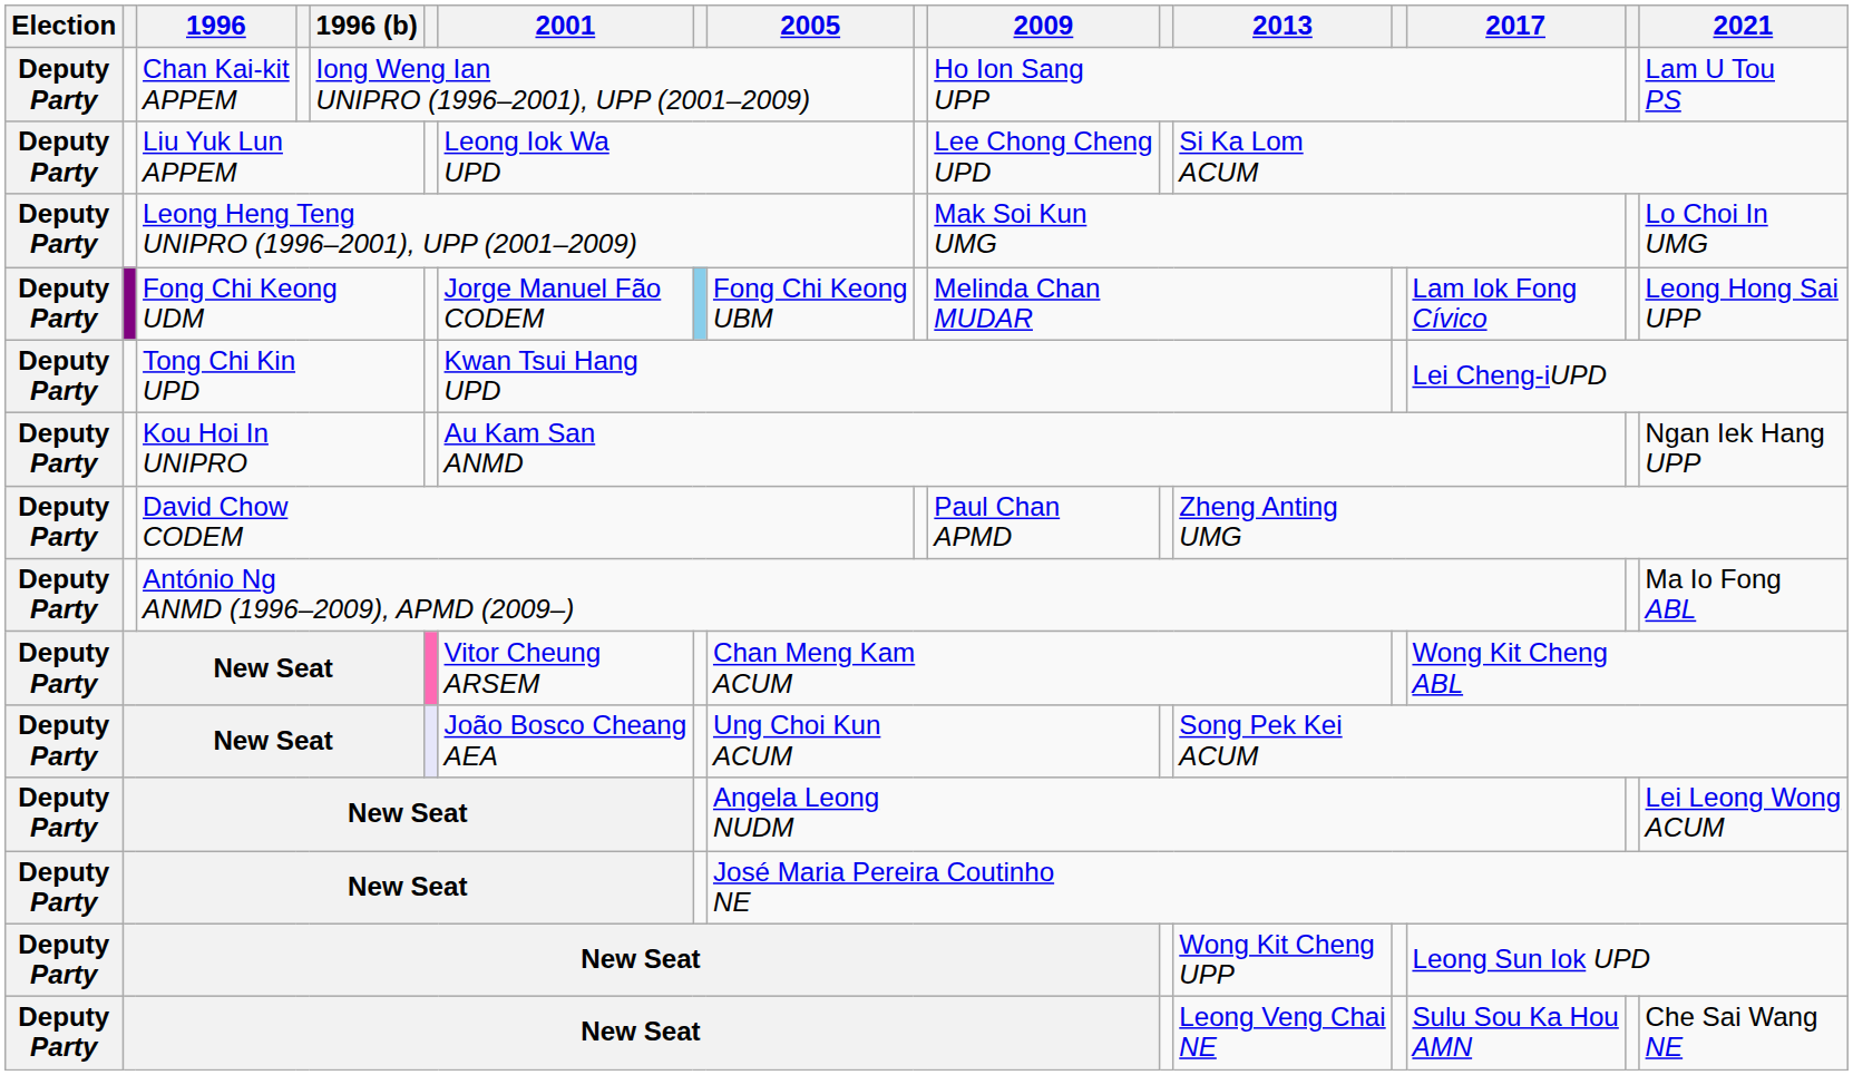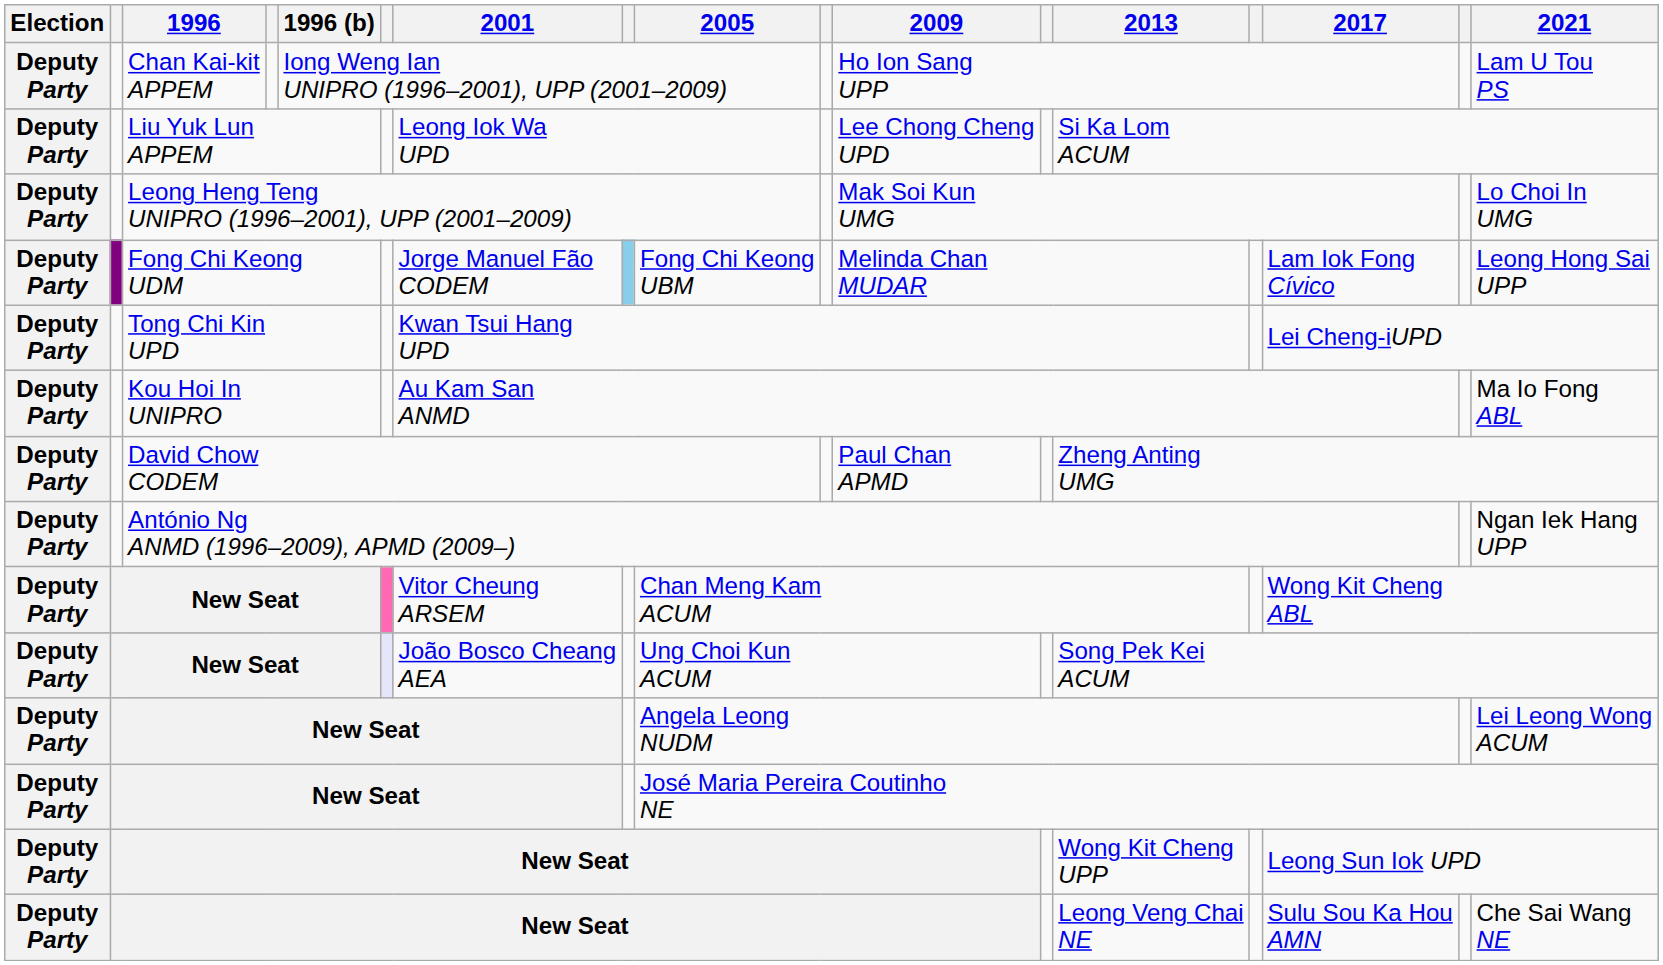 <table class="wikitable">
 <tr>
 <th>Election</th>
 <th style="width:1px;"></th>
 <th><a href='#'>1996</a></th>
 <th></th>
 <th>1996 (b)</th>
 <th style="width:1px;"></th>
 <th><a href='#'>2001</a></th>
 <th style="width:1px;"></th>
 <th><a href='#'>2005</a></th>
 <th style="width:1px;"></th>
 <th><a href='#'>2009</a></th>
 <th style="width:1px;"></th>
 <th><a href='#'>2013</a></th>
 <th></th>
 <th><a href='#'>2017</a></th>
 <th></th>
 <th><a href='#'>2021</a></th>
 </tr>
 <tr>
 <th>Deputy<br><em>Party</em></th>
 <td width=1px style="background-color: "></td>
 <td><a href='#'>Chan Kai-kit</a><br><em>APPEM</em></td>
 <td width="1px" style="background-color: "></td>
 <td colspan="5"><a href='#'>Iong Weng Ian</a><br><em>UNIPRO (1996–2001), UPP (2001–2009)</em></td>
 <td width=1px style="background-color: "></td>
 <td colspan="5"><a href='#'>Ho Ion Sang</a><br><em>UPP</em></td>
 <td width=1px style="background-color: "></td>
 <td><a href='#'>Lam U Tou</a><br><em><a href='#'>PS</a></em></td>
 </tr>
 <tr>
 <th>Deputy<br><em>Party</em></th>
 <td width=1px style="background-color:"></td>
 <td colspan="3"><a href='#'>Liu Yuk Lun</a><br><em>APPEM</em></td>
 <td width=1px style="background-color: "></td>
 <td colspan = 3><a href='#'>Leong Iok Wa</a><br><em>UPD</em></td>
 <td width=1px style="background-color: "></td>
 <td colspan = 1><a href='#'>Lee Chong Cheng</a><br><em>UPD</em></td>
 <td width=1px style="background-color: "></td>
 <td colspan="5"><a href='#'>Si Ka Lom</a><br><em>ACUM</em></td>
 </tr>
 <tr>
 <th>Deputy<br><em>Party</em></th>
 <td width=1px style="background-color: "></td>
 <td colspan="7"><a href='#'>Leong Heng Teng</a><br><em>UNIPRO (1996–2001), UPP (2001–2009)</em></td>
 <td width=1px style="background-color: "></td>
 <td colspan="5"><a href='#'>Mak Soi Kun</a><br><em>UMG</em></td>
 <td width=1px style="background-color: "></td>
 <td><a href='#'>Lo Choi In</a><br><em>UMG</em></td>
 </tr>
 <tr>
 <th>Deputy<br><em>Party</em></th>
 <td width=1px style="background-color: purple"></td>
 <td colspan="3"><a href='#'>Fong Chi Keong</a><br><em>UDM</em></td>
 <td width=1px style="background-color: "></td>
 <td colspan = 1><a href='#'>Jorge Manuel Fão</a><br><em>CODEM</em></td>
 <td width=1px style="background-color: skyblue"></td>
 <td colspan = 1><a href='#'>Fong Chi Keong</a><br><em>UBM</em></td>
 <td width=1px style="background-color: "></td>
 <td colspan = 3><a href='#'>Melinda Chan</a><br><em><a href='#'>MUDAR</a></em></td>
 <td width=1px style="background-color: "></td>
 <td><a href='#'>Lam Iok Fong</a><br><em><a href='#'>Cívico</a></em></td>
 <td width=1px style="background-color: "></td>
 <td><a href='#'>Leong Hong Sai</a><br><em>UPP</em></td>
 </tr>
 <tr>
 <th>Deputy<br><em>Party</em></th>
 <td width=1px style="background-color: "></td>
 <td colspan="3"><a href='#'>Tong Chi Kin</a><br><em>UPD</em></td>
 <td width=1px style="background-color: "></td>
 <td colspan = 7><a href='#'>Kwan Tsui Hang</a><br><em>UPD</em></td>
 <td width=1px style="background-color: "></td>
 <td colspan="3"><a href='#'>Lei Cheng-i</a><em>UPD</em></td>
 </tr>
 <tr>
 <th>Deputy<br><em>Party</em></th>
 <td width=1px style="background-color: "></td>
 <td colspan="3"><a href='#'>Kou Hoi In</a><br><em>UNIPRO</em></td>
 <td width=1px style="background-color: "></td>
 <td colspan="9"><a href='#'>Au Kam San</a><br><em>ANMD</em></td>
 <td width="1px" style="background-color: "></td>
-<td>Ngan Iek Hang<br><em>UPP</em></td>
+<td>Ma Io Fong<br><em><a href='#'>ABL</a></em></td>
 </tr>
 <tr>
 <th>Deputy<br><em>Party</em></th>
 <td width=1px style="background-color: "></td>
 <td colspan="7"><a href='#'>David Chow</a><br><em>CODEM</em></td>
 <td width=1px style="background-color: "></td>
 <td colspan = 1><a href='#'>Paul Chan</a><br><em>APMD</em></td>
 <td width=1px style="background-color: "></td>
 <td colspan="5"><a href='#'>Zheng Anting</a><br><em>UMG</em></td>
 </tr>
 <tr>
 <th>Deputy<br><em>Party</em></th>
 <td width=1px style="background-color: "></td>
 <td colspan="13"><a href='#'>António Ng</a><br><em>ANMD (1996–2009), APMD (2009–)</em></td>
 <td width=1px style="background-color: "></td>
-<td>Ma Io Fong<br><em><a href='#'>ABL</a></em></td>
+<td>Ngan Iek Hang<br><em>UPP</em></td>
 </tr>
 <tr>
 <th>Deputy<br><em>Party</em></th>
 <th colspan="4">New Seat</th>
 <td width=1px style="background-color: hotpink"></td>
 <td colspan = 1><a href='#'>Vitor Cheung</a><br><em>ARSEM</em></td>
 <td width=1px style="background-color: "></td>
 <td colspan = 5><a href='#'>Chan Meng Kam</a><br><em>ACUM</em></td>
 <td width=1px style="background-color: "></td>
 <td colspan="3"><a href='#'>Wong Kit Cheng</a><br><em><a href='#'>ABL</a></em></td>
 </tr>
 <tr>
 <th>Deputy<br><em>Party</em></th>
 <th colspan="4">New Seat</th>
 <td width=1px style="background-color: lavender"></td>
 <td colspan = 1><a href='#'>João Bosco Cheang</a><br><em>AEA</em></td>
 <td width=1px style="background-color: "></td>
 <td colspan = 3><a href='#'>Ung Choi Kun</a><br><em>ACUM</em></td>
 <td width=1px style="background-color: "></td>
 <td colspan="5"><a href='#'>Song Pek Kei</a><br><em>ACUM</em></td>
 </tr>
 <tr>
 <th>Deputy<br><em>Party</em></th>
 <th colspan="6">New Seat</th>
 <td width=1px style="background-color: "></td>
 <td colspan="7"><a href='#'>Angela Leong</a><br><em>NUDM</em></td>
 <td width=1px style="background-color: "></td>
 <td><a href='#'>Lei Leong Wong</a><br><em>ACUM</em></td>
 </tr>
 <tr>
 <th>Deputy<br><em>Party</em></th>
 <th colspan="6">New Seat</th>
 <td width=1px style="background-color: "></td>
 <td colspan="9"><a href='#'>José Maria Pereira Coutinho</a><br><em>NE</em></td>
 </tr>
 <tr>
 <th>Deputy<br><em>Party</em></th>
 <th colspan="10">New Seat</th>
 <td width=1px style="background-color: "></td>
 <td><a href='#'>Wong Kit Cheng</a><br><em>UPP</em></td>
 <td width=1px style="background-color: "></td>
 <td colspan="3"><a href='#'>Leong Sun Iok</a> <em>UPD</em></td>
 </tr>
 <tr>
 <th>Deputy<br><em>Party</em></th>
 <th colspan="10">New Seat</th>
 <td width=1px style="background-color: "></td>
 <td><a href='#'>Leong Veng Chai</a><br><em><a href='#'>NE</a></em></td>
 <td width=1px style="background-color: "></td>
 <td><a href='#'>Sulu Sou Ka Hou</a><br><em><a href='#'>AMN</a></em></td>
 <td width=1px style="background-color: "></td>
 <td>Che Sai Wang<br><em><a href='#'>NE</a></em></td>
 </tr>
 </table>
